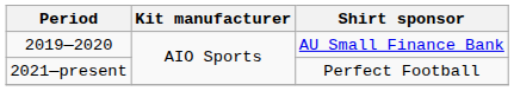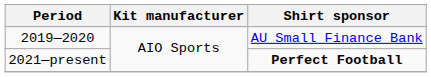 <table class="wikitable" style="text-align:center;margin-left:1em;float:center">
 <tr>
 <th>Period</th>
 <th>Kit manufacturer</th>
 <th>Shirt sponsor</th>
 </tr>
 <tr>
 <td>2019—2020</td>
 <td rowspan="2">AIO Sports</td>
 <td><a href='#'>AU Small Finance Bank</a></td>
 </tr>
 <tr>
 <td>2021—present</td>
-<td>Perfect Football</td>
+<td><strong>Perfect Football</strong></td>
 </tr>
 <tr>
 </tr>
 </table>
